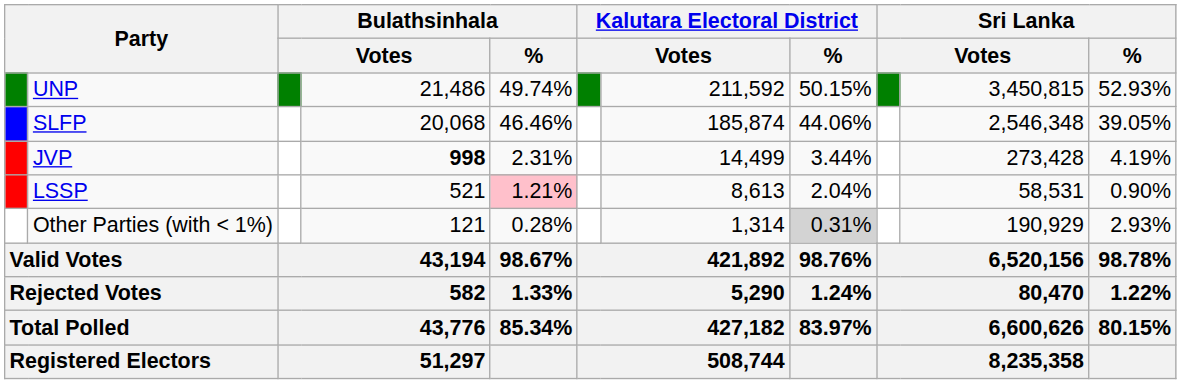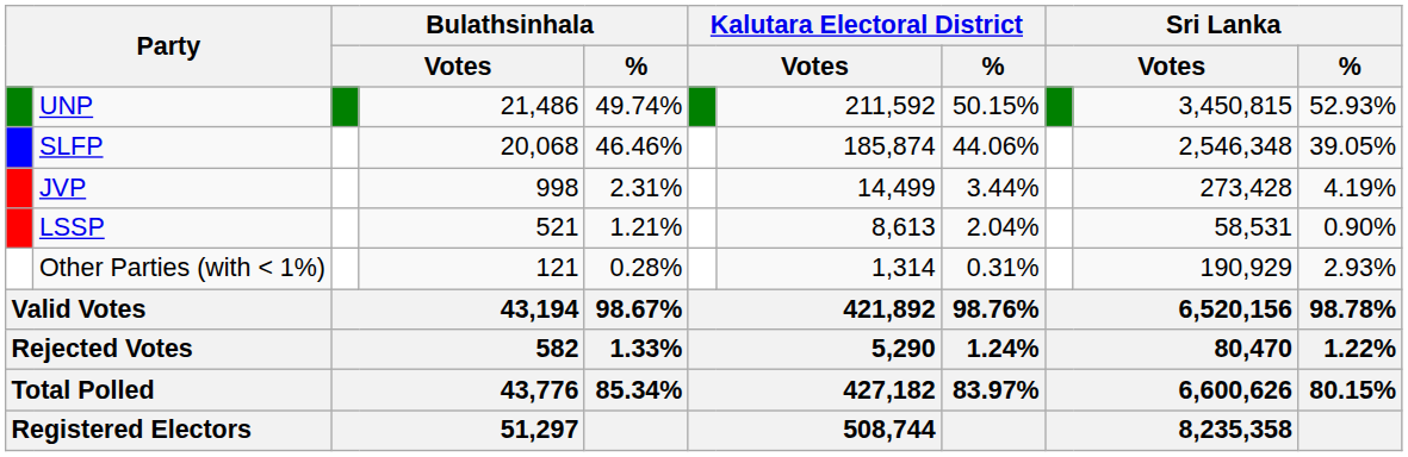 <table class="wikitable">
 <tr>
 <th colspan="2" width="144px"rowspan="2">Party</th>
 <th colspan="3" width="216px">Bulathsinhala</th>
 <th colspan="3" width="216px"><a href='#'>Kalutara Electoral District</a></th>
 <th colspan="3" width="216px">Sri Lanka</th>
 </tr>
 <tr>
 <th colspan="2" width="144px">Votes</th>
 <th>%</th>
 <th colspan="2" width="144px">Votes</th>
 <th>%</th>
 <th colspan="2" width="144px">Votes</th>
 <th>%</th>
 </tr>
 <tr>
 <td style="background-color:green;" width="10px"></td>
 <td style="text-align:left;"><a href='#'>UNP</a></td>
 <td style="background-color:green;" width="10px"></td>
 <td style="text-align:right;">21,486</td>
 <td style="text-align:right;">49.74%</td>
 <td style="background-color:green;" width="10px"></td>
 <td style="text-align:right;">211,592</td>
 <td style="text-align:right;">50.15%</td>
 <td style="background-color:green;" width="10px"></td>
 <td style="text-align:right;">3,450,815</td>
 <td style="text-align:right;">52.93%</td>
 </tr>
 <tr>
 <td style="background-color:blue;" width="10px"></td>
 <td style="text-align:left;"><a href='#'>SLFP</a></td>
 <td style="background-color:white;" width="10px"></td>
 <td style="text-align:right;">20,068</td>
 <td style="text-align:right;">46.46%</td>
 <td style="background-color:white;" width="10px"></td>
 <td style="text-align:right;">185,874</td>
 <td style="text-align:right;">44.06%</td>
 <td style="background-color:white;" width="10px"></td>
 <td style="text-align:right;">2,546,348</td>
 <td style="text-align:right;">39.05%</td>
 </tr>
 <tr>
 <td style="background-color:red;" width="10px"></td>
 <td style="text-align:left;"><a href='#'>JVP</a></td>
 <td style="background-color:white;" width="10px"></td>
-<td style="text-align:right;"><strong>998</strong></td>
+<td style="text-align:right;">998</td>
 <td style="text-align:right;">2.31%</td>
 <td style="background-color:white;" width="10px"></td>
 <td style="text-align:right;">14,499</td>
 <td style="text-align:right;">3.44%</td>
 <td style="background-color:white;" width="10px"></td>
 <td style="text-align:right;">273,428</td>
 <td style="text-align:right;">4.19%</td>
 </tr>
 <tr>
 <td style="background-color:red;" width="10px"></td>
 <td style="text-align:left;"><a href='#'>LSSP</a></td>
 <td style="background-color:white;" width="10px"></td>
 <td style="text-align:right;">521</td>
-<td style="background: pink; text-align:right;">1.21%</td>
+<td style="text-align:right;">1.21%</td>
 <td style="background-color:white;" width="10px"></td>
 <td style="text-align:right;">8,613</td>
 <td style="text-align:right;">2.04%</td>
 <td style="background-color:white;" width="10px"></td>
 <td style="text-align:right;">58,531</td>
 <td style="text-align:right;">0.90%</td>
 </tr>
 <tr>
 <td style="background-color:white;" width="10px"></td>
 <td style="text-align:left;">Other Parties (with < 1%)</td>
 <td style="background-color:white;" width="10px"></td>
 <td style="text-align:right;">121</td>
 <td style="text-align:right;">0.28%</td>
 <td style="background-color:white;" width="10px"></td>
 <td style="text-align:right;">1,314</td>
-<td style="background: lightgrey; text-align:right;">0.31%</td>
+<td style="text-align:right;">0.31%</td>
 <td style="background-color:white;" width="10px"></td>
 <td style="text-align:right;">190,929</td>
 <td style="text-align:right;">2.93%</td>
 </tr>
 <tr>
 <th colspan="2" width="144px"style="text-align:left;">Valid Votes</th>
 <th style="text-align:right;"colspan="2" width="144px">43,194</th>
 <th style="text-align:right;">98.67%</th>
 <th style="text-align:right;"colspan="2" width="144px">421,892</th>
 <th style="text-align:right;">98.76%</th>
 <th style="text-align:right;"colspan="2" width="144px">6,520,156</th>
 <th style="text-align:right;">98.78%</th>
 </tr>
 <tr>
 <th colspan="2" width="144px"style="text-align:left;">Rejected Votes</th>
 <th style="text-align:right;"colspan="2" width="144px">582</th>
 <th style="text-align:right;">1.33%</th>
 <th style="text-align:right;"colspan="2" width="144px">5,290</th>
 <th style="text-align:right;">1.24%</th>
 <th style="text-align:right;"colspan="2" width="144px">80,470</th>
 <th style="text-align:right;">1.22%</th>
 </tr>
 <tr>
 <th colspan="2" width="144px"style="text-align:left;">Total Polled</th>
 <th style="text-align:right;"colspan="2" width="144px">43,776</th>
 <th style="text-align:right;">85.34%</th>
 <th style="text-align:right;"colspan="2" width="144px">427,182</th>
 <th style="text-align:right;">83.97%</th>
 <th style="text-align:right;"colspan="2" width="144px">6,600,626</th>
 <th style="text-align:right;">80.15%</th>
 </tr>
 <tr>
 <th colspan="2" width="144px"style="text-align:left;">Registered Electors</th>
 <th style="text-align:right;"colspan="2" width="144px">51,297</th>
 <th></th>
 <th style="text-align:right;"colspan="2" width="144px">508,744</th>
 <th></th>
 <th style="text-align:right;"colspan="2" width="144px">8,235,358</th>
 <th></th>
 </tr>
 </table>
